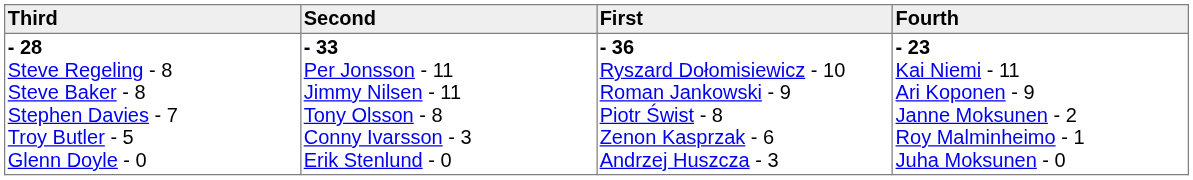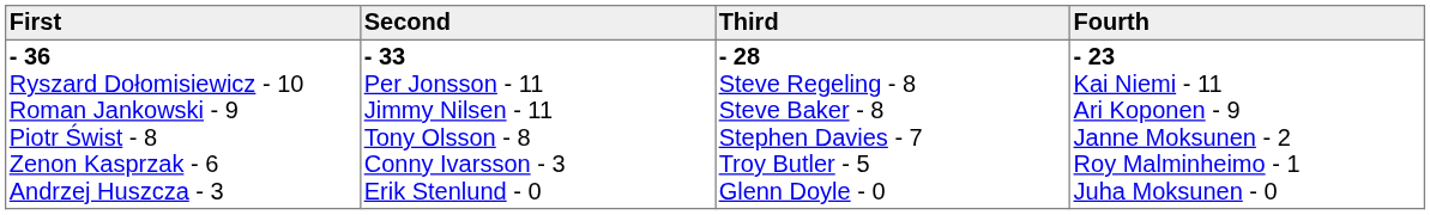 <table border=1 cellpadding=2 cellspacing=0 width=75% style="border-collapse:collapse">
 <tr align=left style="background:#efefef;">
+<th width=20%>First</th>
+<th width=20%>Second</th>
 <th width=20%>Third</th>
-<th width=20%>Second</th>
-<th width=20%>First</th>
 <th width=20%>Fourth</th>
 </tr>
 <tr align=left>
+<td valign=top><strong> - 36</strong><br><a href='#'>Ryszard Dołomisiewicz</a> - 10 <br><a href='#'>Roman Jankowski</a> - 9 <br><a href='#'>Piotr Świst</a> - 8 <br><a href='#'>Zenon Kasprzak</a> - 6 <br><a href='#'>Andrzej Huszcza</a> - 3</td>
+<td valign=top><strong> - 33</strong><br><a href='#'>Per Jonsson</a> - 11 <br><a href='#'>Jimmy Nilsen</a> - 11 <br><a href='#'>Tony Olsson</a> - 8 <br><a href='#'>Conny Ivarsson</a> - 3 <br><a href='#'>Erik Stenlund</a> - 0</td>
 <td valign=top><strong> - 28</strong><br><a href='#'>Steve Regeling</a> - 8 <br><a href='#'>Steve Baker</a> - 8 <br><a href='#'>Stephen Davies</a> - 7 <br><a href='#'>Troy Butler</a> - 5 <br><a href='#'>Glenn Doyle</a> - 0</td>
-<td valign=top><strong> - 33</strong><br><a href='#'>Per Jonsson</a> - 11 <br><a href='#'>Jimmy Nilsen</a> - 11 <br><a href='#'>Tony Olsson</a> - 8 <br><a href='#'>Conny Ivarsson</a> - 3 <br><a href='#'>Erik Stenlund</a> - 0</td>
-<td valign=top><strong> - 36</strong><br><a href='#'>Ryszard Dołomisiewicz</a> - 10 <br><a href='#'>Roman Jankowski</a> - 9 <br><a href='#'>Piotr Świst</a> - 8 <br><a href='#'>Zenon Kasprzak</a> - 6 <br><a href='#'>Andrzej Huszcza</a> - 3</td>
 <td valign=top><strong> - 23</strong><br><a href='#'>Kai Niemi</a> - 11 <br><a href='#'>Ari Koponen</a> - 9 <br><a href='#'>Janne Moksunen</a> - 2 <br><a href='#'>Roy Malminheimo</a> - 1 <br><a href='#'>Juha Moksunen</a> - 0</td>
 </tr>
 </table>
